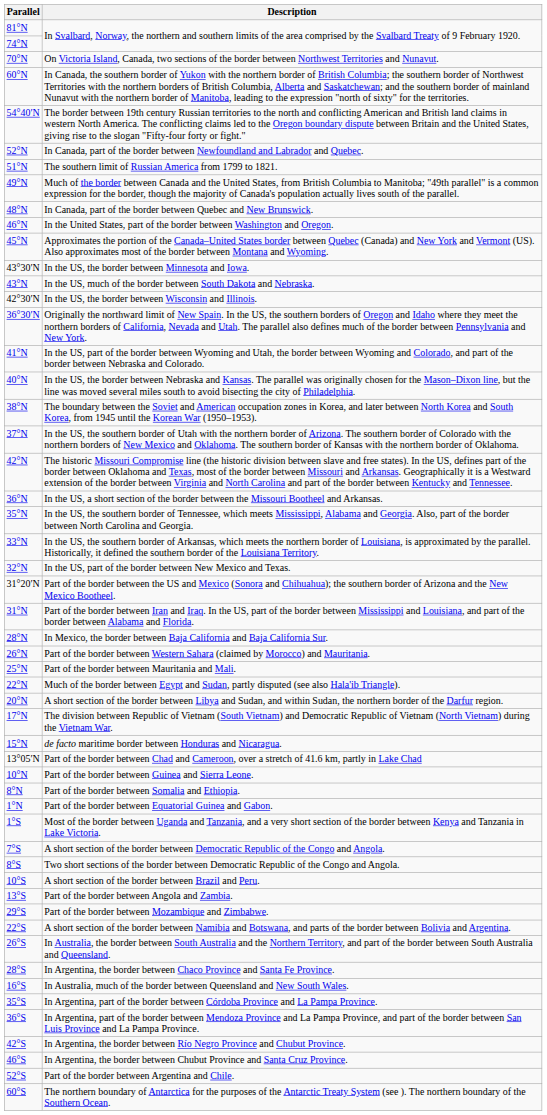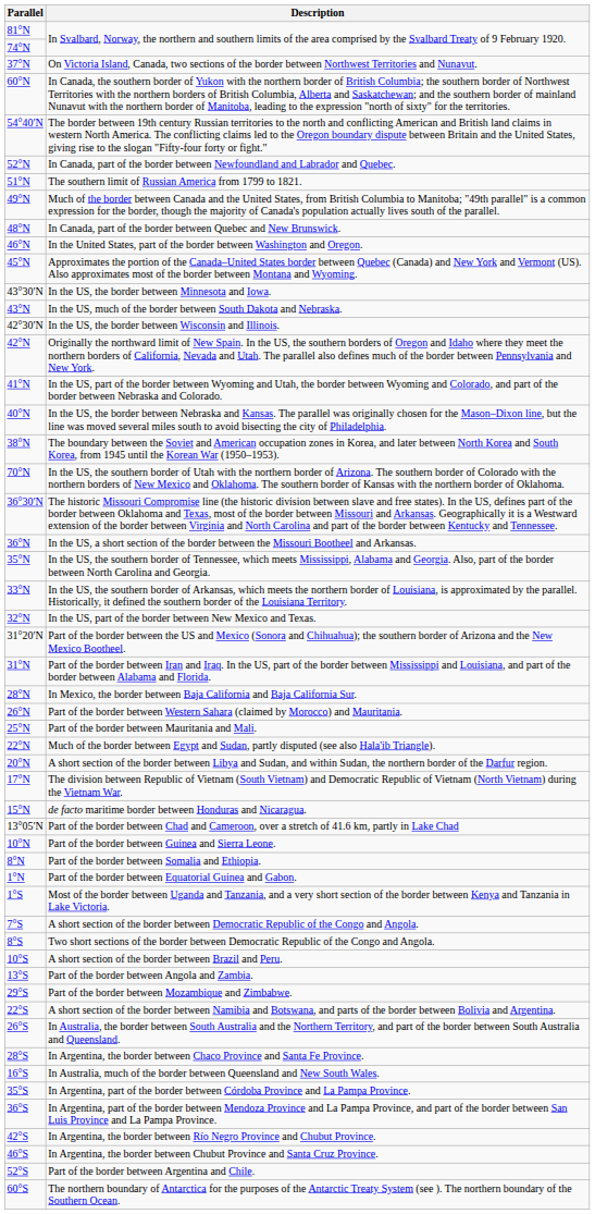 <table class="wikitable">
 <tr>
 <th>Parallel</th>
 <th>Description</th>
 </tr>
 <tr valign="center">
 <td><a href='#'>81°N</a></td>
 <td rowspan="2">In <a href='#'>Svalbard</a>, <a href='#'>Norway</a>, the northern and southern limits of the area comprised by the <a href='#'>Svalbard Treaty</a> of 9 February 1920.</td>
 </tr>
 <tr valign="top">
 <td><a href='#'>74°N</a></td>
 </tr>
 <tr valign="top">
-<td><a href='#'>70°N</a></td>
+<td><a href='#'>37°N</a></td>
 <td>On <a href='#'>Victoria Island</a>, Canada, two sections of the border between <a href='#'>Northwest Territories</a> and <a href='#'>Nunavut</a>.</td>
 </tr>
 <tr valign="top">
 <td><a href='#'>60°N</a></td>
 <td>In Canada, the southern border of <a href='#'>Yukon</a> with the northern border of <a href='#'>British Columbia</a>; the southern border of Northwest Territories with the northern borders of British Columbia, <a href='#'>Alberta</a> and <a href='#'>Saskatchewan</a>; and the southern border of mainland Nunavut with the northern border of <a href='#'>Manitoba</a>, leading to the expression "north of sixty" for the territories.</td>
 </tr>
 <tr valign="top">
 <td><a href='#'>54°40′N</a></td>
 <td>The border between 19th century Russian territories to the north and conflicting American and British land claims in western North America. The conflicting claims led to the <a href='#'>Oregon boundary dispute</a> between Britain and the United States, giving rise to the slogan "Fifty-four forty or fight."</td>
 </tr>
 <tr valign="top">
 <td><a href='#'>52°N</a></td>
 <td>In Canada, part of the border between <a href='#'>Newfoundland and Labrador</a> and <a href='#'>Quebec</a>.</td>
 </tr>
 <tr valign="top">
 <td><a href='#'>51°N</a></td>
 <td>The southern limit of <a href='#'>Russian America</a> from 1799 to 1821.</td>
 </tr>
 <tr valign="top">
 <td><a href='#'>49°N</a></td>
 <td>Much of <a href='#'>the border</a> between Canada and the United States, from British Columbia to Manitoba; "49th parallel" is a common expression for the border, though the majority of Canada's population actually lives south of the parallel.</td>
 </tr>
 <tr valign="top">
 <td><a href='#'>48°N</a></td>
 <td>In Canada, part of the border between Quebec and <a href='#'>New Brunswick</a>.</td>
 </tr>
 <tr valign="top">
 <td><a href='#'>46°N</a></td>
 <td>In the United States, part of the border between <a href='#'>Washington</a> and <a href='#'>Oregon</a>.</td>
 </tr>
 <tr valign="top">
 <td><a href='#'>45°N</a></td>
 <td>Approximates the portion of the <a href='#'>Canada–United States border</a> between <a href='#'>Quebec</a> (Canada) and <a href='#'>New York</a> and <a href='#'>Vermont</a> (US). Also approximates most of the border between <a href='#'>Montana</a> and <a href='#'>Wyoming</a>.</td>
 </tr>
 <tr valign="top">
 <td>43°30′N</td>
 <td>In the US, the border between <a href='#'>Minnesota</a> and <a href='#'>Iowa</a>.</td>
 </tr>
 <tr valign="top">
 <td><a href='#'>43°N</a></td>
 <td>In the US, much of the border between <a href='#'>South Dakota</a> and <a href='#'>Nebraska</a>.</td>
 </tr>
 <tr valign="top">
 <td>42°30′N</td>
 <td>In the US, the border between <a href='#'>Wisconsin</a> and <a href='#'>Illinois</a>.</td>
 </tr>
 <tr valign="top">
-<td><a href='#'>36°30′N</a></td>
+<td><a href='#'>42°N</a></td>
 <td>Originally the northward limit of <a href='#'>New Spain</a>.  In the US, the southern borders of <a href='#'>Oregon</a> and <a href='#'>Idaho</a> where they meet the northern borders of <a href='#'>California</a>, <a href='#'>Nevada</a> and <a href='#'>Utah</a>. The parallel also defines much of the border between <a href='#'>Pennsylvania</a> and <a href='#'>New York</a>.</td>
 </tr>
 <tr valign="top">
 <td><a href='#'>41°N</a></td>
 <td>In the US, part of the border between Wyoming and Utah, the border between Wyoming and <a href='#'>Colorado</a>, and part of the border between Nebraska and Colorado.</td>
 </tr>
 <tr valign="top">
 <td><a href='#'>40°N</a></td>
 <td>In the US, the border between Nebraska and <a href='#'>Kansas</a>. The parallel was originally chosen for the <a href='#'>Mason–Dixon line</a>, but the line was moved several miles south to avoid bisecting the city of <a href='#'>Philadelphia</a>.</td>
 </tr>
 <tr valign="top">
 <td><a href='#'>38°N</a></td>
 <td>The boundary between the <a href='#'>Soviet</a> and <a href='#'>American</a> occupation zones in Korea, and later between <a href='#'>North Korea</a> and <a href='#'>South Korea</a>, from 1945 until the <a href='#'>Korean War</a> (1950–1953).</td>
 </tr>
 <tr valign="top">
-<td><a href='#'>37°N</a></td>
+<td><a href='#'>70°N</a></td>
 <td>In the US, the southern border of Utah with the northern border of <a href='#'>Arizona</a>. The southern border of Colorado with the northern borders of <a href='#'>New Mexico</a> and <a href='#'>Oklahoma</a>. The southern border of Kansas with the northern border of Oklahoma.</td>
 </tr>
 <tr valign="top">
-<td><a href='#'>42°N</a></td>
+<td><a href='#'>36°30′N</a></td>
 <td>The historic <a href='#'>Missouri Compromise</a> line (the historic division between slave and free states). In the US, defines part of the border between Oklahoma and <a href='#'>Texas</a>, most of the border between <a href='#'>Missouri</a> and <a href='#'>Arkansas</a>. Geographically it is a Westward extension of the border between <a href='#'>Virginia</a> and <a href='#'>North Carolina</a> and part of the border between <a href='#'>Kentucky</a> and <a href='#'>Tennessee</a>.</td>
 </tr>
 <tr valign="top">
 <td><a href='#'>36°N</a></td>
 <td>In the US, a short section of the border between the <a href='#'>Missouri Bootheel</a> and Arkansas.</td>
 </tr>
 <tr valign="top">
 <td><a href='#'>35°N</a></td>
 <td>In the US, the southern border of Tennessee, which meets <a href='#'>Mississippi</a>, <a href='#'>Alabama</a> and <a href='#'>Georgia</a>. Also, part of the border between North Carolina and Georgia.</td>
 </tr>
 <tr valign="top">
 <td><a href='#'>33°N</a></td>
 <td>In the US, the southern border of Arkansas, which meets the northern border of <a href='#'>Louisiana</a>, is approximated by the parallel. Historically, it defined the southern border of the <a href='#'>Louisiana Territory</a>.</td>
 </tr>
 <tr valign="top">
 <td><a href='#'>32°N</a></td>
 <td>In the US, part of the border between New Mexico and Texas.</td>
 </tr>
 <tr valign="top">
 <td>31°20′N</td>
 <td>Part of the border between the US and <a href='#'>Mexico</a> (<a href='#'>Sonora</a> and <a href='#'>Chihuahua</a>); the southern border of Arizona and the <a href='#'>New Mexico Bootheel</a>.</td>
 </tr>
 <tr valign="top">
 <td><a href='#'>31°N</a></td>
 <td>Part of the border between <a href='#'>Iran</a> and <a href='#'>Iraq</a>. In the US, part of the border between <a href='#'>Mississippi</a> and <a href='#'>Louisiana</a>, and part of the border between <a href='#'>Alabama</a> and <a href='#'>Florida</a>.</td>
 </tr>
 <tr valign="top">
 <td><a href='#'>28°N</a></td>
 <td>In Mexico, the border between <a href='#'>Baja California</a> and <a href='#'>Baja California Sur</a>.</td>
 </tr>
 <tr valign="top">
 <td><a href='#'>26°N</a></td>
 <td>Part of the border between <a href='#'>Western Sahara</a> (claimed by <a href='#'>Morocco</a>) and <a href='#'>Mauritania</a>.</td>
 </tr>
 <tr valign="top">
 <td><a href='#'>25°N</a></td>
 <td>Part of the border between Mauritania and <a href='#'>Mali</a>.</td>
 </tr>
 <tr valign="top">
 <td><a href='#'>22°N</a></td>
 <td>Much of the border between <a href='#'>Egypt</a> and <a href='#'>Sudan</a>, partly disputed (see also <a href='#'>Hala'ib Triangle</a>).</td>
 </tr>
 <tr valign="top">
 <td><a href='#'>20°N</a></td>
 <td>A short section of the border between <a href='#'>Libya</a> and Sudan, and within Sudan, the northern border of the <a href='#'>Darfur</a> region.</td>
 </tr>
 <tr valign="top">
 <td><a href='#'>17°N</a></td>
 <td>The division between Republic of Vietnam (<a href='#'>South Vietnam</a>) and Democratic Republic of Vietnam (<a href='#'>North Vietnam</a>) during the <a href='#'>Vietnam War</a>.</td>
 </tr>
 <tr valign="top">
 <td><a href='#'>15°N</a></td>
 <td><em>de facto</em> maritime border between <a href='#'>Honduras</a> and <a href='#'>Nicaragua</a>.</td>
 </tr>
 <tr valign="top">
 <td>13°05′N</td>
 <td>Part of the border between <a href='#'>Chad</a> and <a href='#'>Cameroon</a>, over a stretch of 41.6 km, partly in <a href='#'>Lake Chad</a></td>
 </tr>
 <tr valign="top">
 <td><a href='#'>10°N</a></td>
 <td>Part of the border between <a href='#'>Guinea</a> and <a href='#'>Sierra Leone</a>.</td>
 </tr>
 <tr valign="top">
 <td><a href='#'>8°N</a></td>
 <td>Part of the border between <a href='#'>Somalia</a> and <a href='#'>Ethiopia</a>.</td>
 </tr>
 <tr valign="top">
 <td><a href='#'>1°N</a></td>
 <td>Part of the border between <a href='#'>Equatorial Guinea</a> and <a href='#'>Gabon</a>.</td>
 </tr>
 <tr valign="top">
 <td><a href='#'>1°S</a></td>
 <td>Most of the border between <a href='#'>Uganda</a> and <a href='#'>Tanzania</a>, and a very short section of the border between <a href='#'>Kenya</a> and Tanzania in <a href='#'>Lake Victoria</a>.</td>
 </tr>
 <tr valign="top">
 <td><a href='#'>7°S</a></td>
 <td>A short section of the border between <a href='#'>Democratic Republic of the Congo</a> and <a href='#'>Angola</a>.</td>
 </tr>
 <tr valign="top">
 <td><a href='#'>8°S</a></td>
 <td>Two short sections of the border between Democratic Republic of the Congo and Angola.</td>
 </tr>
 <tr valign="top">
 <td><a href='#'>10°S</a></td>
 <td>A short section of the border between <a href='#'>Brazil</a> and <a href='#'>Peru</a>.</td>
 </tr>
 <tr valign="top">
 <td><a href='#'>13°S</a></td>
 <td>Part of the border between Angola and <a href='#'>Zambia</a>.</td>
 </tr>
 <tr valign="top">
 <td><a href='#'>29°S</a></td>
 <td>Part of the border between <a href='#'>Mozambique</a> and <a href='#'>Zimbabwe</a>.</td>
 </tr>
 <tr valign="top">
 <td><a href='#'>22°S</a></td>
 <td>A short section of the border between <a href='#'>Namibia</a> and <a href='#'>Botswana</a>, and parts of the border between <a href='#'>Bolivia</a> and <a href='#'>Argentina</a>.</td>
 </tr>
 <tr valign="top">
 <td><a href='#'>26°S</a></td>
 <td>In <a href='#'>Australia</a>, the border between <a href='#'>South Australia</a> and the <a href='#'>Northern Territory</a>, and part of the border between South Australia and <a href='#'>Queensland</a>.</td>
 </tr>
 <tr valign="top">
 <td><a href='#'>28°S</a></td>
 <td>In Argentina, the border between <a href='#'>Chaco Province</a> and <a href='#'>Santa Fe Province</a>.</td>
 </tr>
 <tr valign="top">
 <td><a href='#'>16°S</a></td>
 <td>In Australia, much of the border between Queensland and <a href='#'>New South Wales</a>.</td>
 </tr>
 <tr valign="top">
 <td><a href='#'>35°S</a></td>
 <td>In Argentina, part of the border between <a href='#'>Córdoba Province</a> and <a href='#'>La Pampa Province</a>.</td>
 </tr>
 <tr valign="top">
 <td><a href='#'>36°S</a></td>
 <td>In Argentina, part of the border between <a href='#'>Mendoza Province</a> and La Pampa Province, and part of the border between <a href='#'>San Luis Province</a> and La Pampa Province.</td>
 </tr>
 <tr valign="top">
 <td><a href='#'>42°S</a></td>
 <td>In Argentina, the border between <a href='#'>Río Negro Province</a> and <a href='#'>Chubut Province</a>.</td>
 </tr>
 <tr valign="top">
 <td><a href='#'>46°S</a></td>
 <td>In Argentina, the border between Chubut Province and <a href='#'>Santa Cruz Province</a>.</td>
 </tr>
 <tr valign="top">
 <td><a href='#'>52°S</a></td>
 <td>Part of the border between Argentina and <a href='#'>Chile</a>.</td>
 </tr>
 <tr valign="top">
 <td><a href='#'>60°S</a></td>
 <td>The northern boundary of <a href='#'>Antarctica</a> for the purposes of the <a href='#'>Antarctic Treaty System</a> (see ). The northern boundary of the <a href='#'>Southern Ocean</a>.</td>
 </tr>
 </table>
